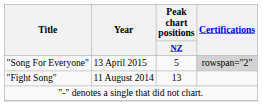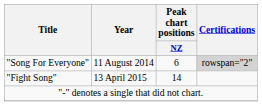 <table class="wikitable plainrowheaders" style="text-align:center;">
 <tr>
 <th scope="col" rowspan="2">Title</th>
 <th scope="col" rowspan="2">Year</th>
 <th scope="col" colspan="1">Peak chart positions</th>
 <th scope="col" rowspan="2"><a href='#'>Certifications</a></th>
 </tr>
 <tr>
 <th scope="col" style="width:3em;font-size:90%;"><a href='#'>NZ</a><br></th>
 </tr>
 <tr>
 <td style="text-align:left;">"Song For Everyone"</td>
-<td style="text-align:left;">13 April 2015</td>
-<td>5</td>
+<td style="text-align:left;">11 August 2014</td>
+<td>6</td>
 <td style="background: lightgrey;">rowspan="2" </td>
 </tr>
 <tr>
 <td style="text-align:left;">"Fight Song"</td>
-<td style="text-align:left;">11 August 2014</td>
-<td align="center">13</td>
+<td style="text-align:left;">13 April 2015</td>
+<td align="center">14</td>
 </tr>
 <tr>
 <td colspan="6" style="font-size90%" align="center">"-" denotes a single that did not chart.</td>
 </tr>
 <tr>
 </tr>
 </table>
